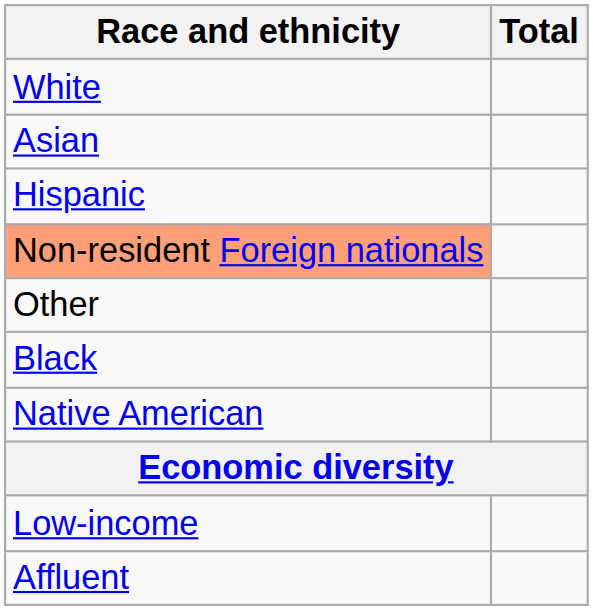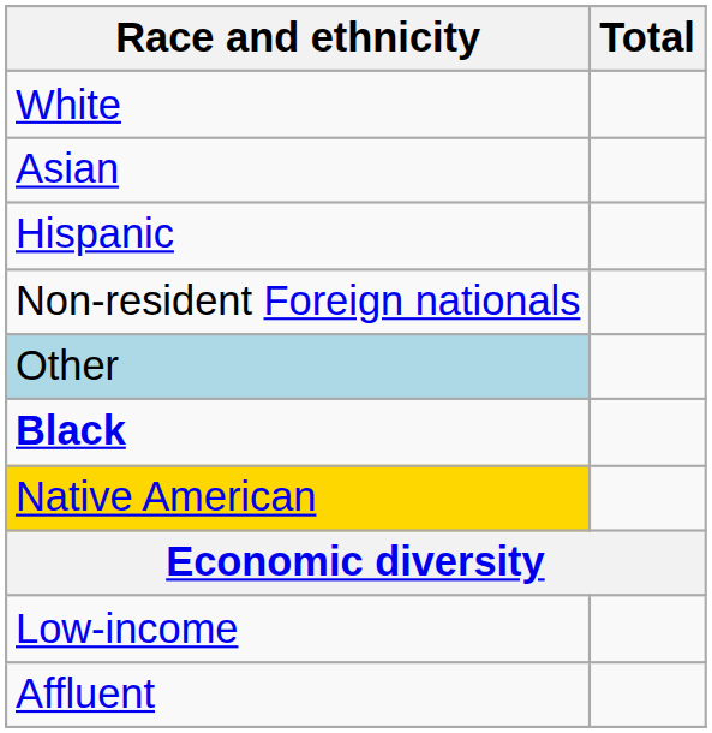 <table class="wikitable floatright sortable collapsible"; text-align:right; font-size:80%;">
 <tr>
 <th>Race and ethnicity</th>
 <th colspan="2" data-sort-type=number>Total</th>
 </tr>
 <tr>
 <td><a href='#'>White</a></td>
 <td align=right></td>
 </tr>
 <tr>
 <td><a href='#'>Asian</a></td>
 <td align=right></td>
 </tr>
 <tr>
 <td><a href='#'>Hispanic</a></td>
 <td align=right></td>
 </tr>
 <tr>
-<td style="background: lightsalmon;">Non-resident <a href='#'>Foreign nationals</a></td>
+<td>Non-resident <a href='#'>Foreign nationals</a></td>
 <td align=right></td>
 </tr>
 <tr>
-<td>Other</td>
+<td style="background: lightblue;">Other</td>
 <td align=right></td>
 </tr>
 <tr>
-<td><a href='#'>Black</a></td>
+<td><strong><a href='#'>Black</a></strong></td>
 <td align=right></td>
 </tr>
 <tr>
-<td><a href='#'>Native American</a></td>
+<td style="background: gold;"><a href='#'>Native American</a></td>
 <td align=right></td>
 </tr>
 <tr>
 <th colspan="4" data-sort-type=number><a href='#'>Economic diversity</a></th>
 </tr>
 <tr>
 <td><a href='#'>Low-income</a></td>
 <td align=right></td>
 </tr>
 <tr>
 <td><a href='#'>Affluent</a></td>
 <td align=right></td>
 </tr>
 </table>
